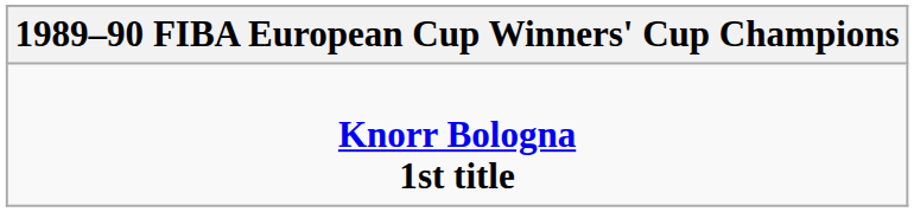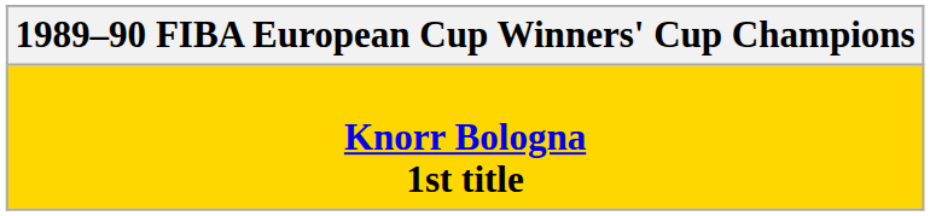 <table class=wikitable style="text-align:center; margin:auto">
 <tr>
 <th>1989–90 FIBA European Cup Winners' Cup Champions</th>
 </tr>
 <tr>
-<td><br> <strong><a href='#'>Knorr Bologna</a></strong> <br> <strong>1st title</strong></td>
+<td style="background: gold;"><br> <strong><a href='#'>Knorr Bologna</a></strong> <br> <strong>1st title</strong></td>
 </tr>
 </table>
